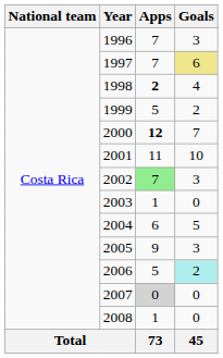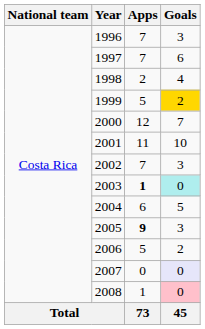 <table class="wikitable" style="text-align:center">
 <tr>
 <th>National team</th>
 <th>Year</th>
 <th>Apps</th>
 <th>Goals</th>
 </tr>
 <tr>
 <td rowspan="13"><a href='#'>Costa Rica</a></td>
 <td>1996</td>
 <td>7</td>
 <td>3</td>
 </tr>
 <tr>
 <td>1997</td>
 <td>7</td>
-<td style="background: khaki;">6</td>
+<td>6</td>
 </tr>
 <tr>
 <td>1998</td>
-<td><strong>2</strong></td>
+<td>2</td>
 <td>4</td>
 </tr>
 <tr>
 <td>1999</td>
 <td>5</td>
-<td>2</td>
+<td style="background: gold;">2</td>
 </tr>
 <tr>
 <td>2000</td>
-<td><strong>12</strong></td>
+<td>12</td>
 <td>7</td>
 </tr>
 <tr>
 <td>2001</td>
 <td>11</td>
 <td>10</td>
 </tr>
 <tr>
 <td>2002</td>
-<td style="background: lightgreen;">7</td>
+<td>7</td>
 <td>3</td>
 </tr>
 <tr>
 <td>2003</td>
-<td>1</td>
-<td>0</td>
+<td><strong>1</strong></td>
+<td style="background: paleturquoise;">0</td>
 </tr>
 <tr>
 <td>2004</td>
 <td>6</td>
 <td>5</td>
 </tr>
 <tr>
 <td>2005</td>
-<td>9</td>
+<td><strong>9</strong></td>
 <td>3</td>
 </tr>
 <tr>
 <td>2006</td>
 <td>5</td>
-<td style="background: paleturquoise;">2</td>
+<td>2</td>
 </tr>
 <tr>
 <td>2007</td>
-<td style="background: lightgrey;">0</td>
 <td>0</td>
+<td style="background: lavender;">0</td>
 </tr>
 <tr>
 <td>2008</td>
 <td>1</td>
-<td>0</td>
+<td style="background: pink;">0</td>
 </tr>
 <tr>
 <th colspan="2">Total</th>
 <th>73</th>
 <th>45</th>
 </tr>
 </table>
